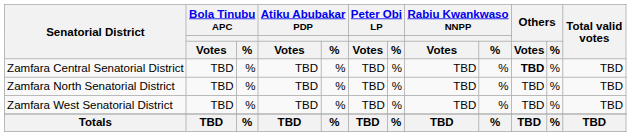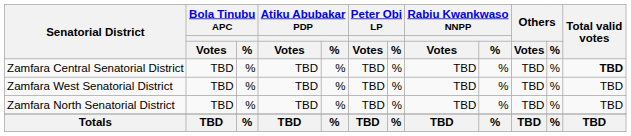 <table class="wikitable sortable" style="text-align:right; font-size:90%">
 <tr>
 <th rowspan="3" style="max-width:7.5em;">Senatorial District</th>
 <th colspan="2"><a href='#'>Bola Tinubu</a><br><small>APC</small></th>
 <th colspan="2"><a href='#'>Atiku Abubakar</a><br><small>PDP</small></th>
 <th colspan="2"><a href='#'>Peter Obi</a><br><small>LP</small></th>
 <th colspan="2"><a href='#'>Rabiu Kwankwaso</a><br><small>NNPP</small></th>
 <th colspan="2" rowspan="2">Others</th>
 <th rowspan="3" style="max-width:5em;">Total valid votes</th>
 </tr>
 <tr>
 <th colspan=2 style="background-color:"></th>
 <th colspan=2 style="background-color:"></th>
 <th colspan=2 style="background-color:"></th>
 <th colspan=2 style="background-color:"></th>
 </tr>
 <tr>
 <th>Votes</th>
 <th>%</th>
 <th>Votes</th>
 <th>%</th>
 <th>Votes</th>
 <th>%</th>
 <th>Votes</th>
 <th>%</th>
 <th>Votes</th>
 <th>%</th>
 </tr>
 <tr style="background-color:#">
 <td style="text-align:left;">Zamfara Central Senatorial District</td>
 <td>TBD</td>
 <td>%</td>
 <td>TBD</td>
 <td>%</td>
 <td>TBD</td>
 <td>%</td>
 <td>TBD</td>
 <td>%</td>
+<td>TBD</td>
+<td>%</td>
 <td><strong>TBD</strong></td>
-<td>%</td>
-<td>TBD</td>
 </tr>
 <tr style="background-color:#">
-<td style="text-align:left;">Zamfara North Senatorial District</td>
+<td style="text-align:left;">Zamfara West Senatorial District</td>
 <td>TBD</td>
 <td>%</td>
 <td>TBD</td>
 <td>%</td>
 <td>TBD</td>
 <td>%</td>
 <td>TBD</td>
 <td>%</td>
 <td>TBD</td>
 <td>%</td>
 <td>TBD</td>
 </tr>
 <tr style="background-color:#">
-<td style="text-align:left;">Zamfara West Senatorial District</td>
+<td style="text-align:left;">Zamfara North Senatorial District</td>
 <td>TBD</td>
 <td>%</td>
 <td>TBD</td>
 <td>%</td>
 <td>TBD</td>
 <td>%</td>
 <td>TBD</td>
 <td>%</td>
 <td>TBD</td>
 <td>%</td>
 <td>TBD</td>
 </tr>
 <tr>
 </tr>
 <tr>
 <th>Totals</th>
 <th>TBD</th>
 <th>%</th>
 <th>TBD</th>
 <th>%</th>
 <th>TBD</th>
 <th>%</th>
 <th>TBD</th>
 <th>%</th>
 <th>TBD</th>
 <th>%</th>
 <th>TBD</th>
 </tr>
 </table>
